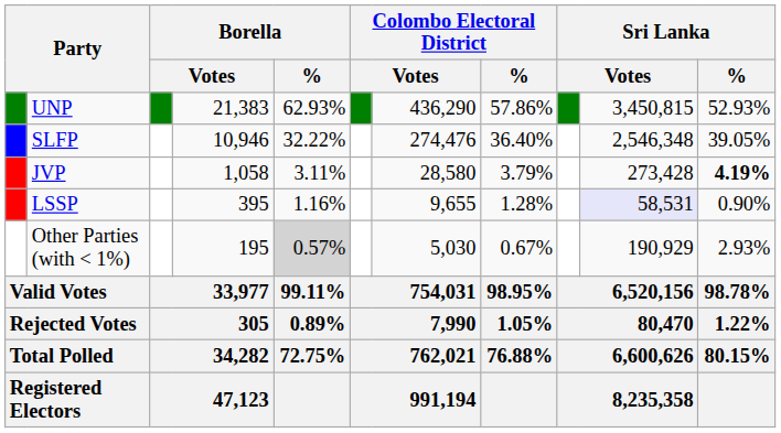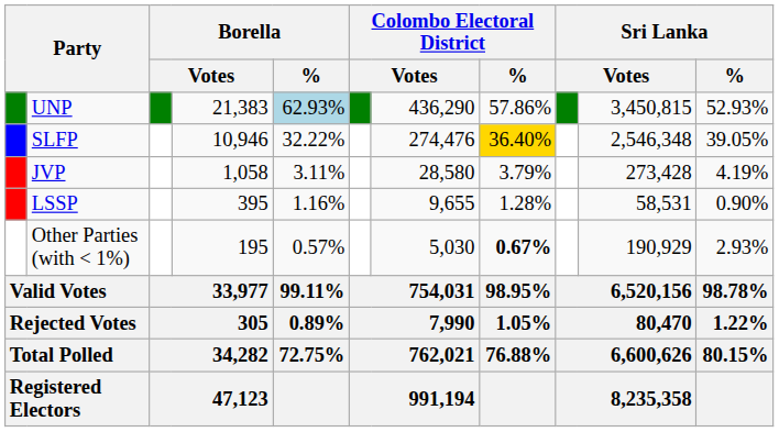 <table class="wikitable">
 <tr>
 <th colspan="2" width="144px"rowspan="2">Party</th>
 <th colspan="3" width="216px">Borella</th>
 <th colspan="3" width="216px"><a href='#'>Colombo Electoral District</a></th>
 <th colspan="3" width="216px">Sri Lanka</th>
 </tr>
 <tr>
 <th colspan="2" width="144px">Votes</th>
 <th>%</th>
 <th colspan="2" width="144px">Votes</th>
 <th>%</th>
 <th colspan="2" width="144px">Votes</th>
 <th>%</th>
 </tr>
 <tr>
 <td style="background-color:green;" width="10px"></td>
 <td style="text-align:left;"><a href='#'>UNP</a></td>
 <td style="background-color:green;" width="10px"></td>
 <td style="text-align:right;">21,383</td>
-<td style="text-align:right;">62.93%</td>
+<td style="background: lightblue; text-align:right;">62.93%</td>
 <td style="background-color:green;" width="10px"></td>
 <td style="text-align:right;">436,290</td>
 <td style="text-align:right;">57.86%</td>
 <td style="background-color:green;" width="10px"></td>
 <td style="text-align:right;">3,450,815</td>
 <td style="text-align:right;">52.93%</td>
 </tr>
 <tr>
 <td style="background-color:blue;" width="10px"></td>
 <td style="text-align:left;"><a href='#'>SLFP</a></td>
 <td style="background-color:white;" width="10px"></td>
 <td style="text-align:right;">10,946</td>
 <td style="text-align:right;">32.22%</td>
 <td style="background-color:white;" width="10px"></td>
 <td style="text-align:right;">274,476</td>
-<td style="text-align:right;">36.40%</td>
+<td style="background: gold; text-align:right;">36.40%</td>
 <td style="background-color:white;" width="10px"></td>
 <td style="text-align:right;">2,546,348</td>
 <td style="text-align:right;">39.05%</td>
 </tr>
 <tr>
 <td style="background-color:red;" width="10px"></td>
 <td style="text-align:left;"><a href='#'>JVP</a></td>
 <td style="background-color:white;" width="10px"></td>
 <td style="text-align:right;">1,058</td>
 <td style="text-align:right;">3.11%</td>
 <td style="background-color:white;" width="10px"></td>
 <td style="text-align:right;">28,580</td>
 <td style="text-align:right;">3.79%</td>
 <td style="background-color:white;" width="10px"></td>
 <td style="text-align:right;">273,428</td>
-<td style="text-align:right;"><strong>4.19%</strong></td>
+<td style="text-align:right;">4.19%</td>
 </tr>
 <tr>
 <td style="background-color:red;" width="10px"></td>
 <td style="text-align:left;"><a href='#'>LSSP</a></td>
 <td style="background-color:white;" width="10px"></td>
 <td style="text-align:right;">395</td>
 <td style="text-align:right;">1.16%</td>
 <td style="background-color:white;" width="10px"></td>
 <td style="text-align:right;">9,655</td>
 <td style="text-align:right;">1.28%</td>
 <td style="background-color:white;" width="10px"></td>
-<td style="background: lavender; text-align:right;">58,531</td>
+<td style="text-align:right;">58,531</td>
 <td style="text-align:right;">0.90%</td>
 </tr>
 <tr>
 <td style="background-color:white;" width="10px"></td>
 <td style="text-align:left;">Other Parties (with < 1%)</td>
 <td style="background-color:white;" width="10px"></td>
 <td style="text-align:right;">195</td>
-<td style="background: lightgrey; text-align:right;">0.57%</td>
+<td style="text-align:right;">0.57%</td>
 <td style="background-color:white;" width="10px"></td>
 <td style="text-align:right;">5,030</td>
-<td style="text-align:right;">0.67%</td>
+<td style="text-align:right;"><strong>0.67%</strong></td>
 <td style="background-color:white;" width="10px"></td>
 <td style="text-align:right;">190,929</td>
 <td style="text-align:right;">2.93%</td>
 </tr>
 <tr>
 <th colspan="2" width="144px"style="text-align:left;">Valid Votes</th>
 <th style="text-align:right;"colspan="2" width="144px">33,977</th>
 <th style="text-align:right;">99.11%</th>
 <th style="text-align:right;"colspan="2" width="144px">754,031</th>
 <th style="text-align:right;">98.95%</th>
 <th style="text-align:right;"colspan="2" width="144px">6,520,156</th>
 <th style="text-align:right;">98.78%</th>
 </tr>
 <tr>
 <th colspan="2" width="144px"style="text-align:left;">Rejected Votes</th>
 <th style="text-align:right;"colspan="2" width="144px">305</th>
 <th style="text-align:right;">0.89%</th>
 <th style="text-align:right;"colspan="2" width="144px">7,990</th>
 <th style="text-align:right;">1.05%</th>
 <th style="text-align:right;"colspan="2" width="144px">80,470</th>
 <th style="text-align:right;">1.22%</th>
 </tr>
 <tr>
 <th colspan="2" width="144px"style="text-align:left;">Total Polled</th>
 <th style="text-align:right;"colspan="2" width="144px">34,282</th>
 <th style="text-align:right;">72.75%</th>
 <th style="text-align:right;"colspan="2" width="144px">762,021</th>
 <th style="text-align:right;">76.88%</th>
 <th style="text-align:right;"colspan="2" width="144px">6,600,626</th>
 <th style="text-align:right;">80.15%</th>
 </tr>
 <tr>
 <th colspan="2" width="144px"style="text-align:left;">Registered Electors</th>
 <th style="text-align:right;"colspan="2" width="144px">47,123</th>
 <th></th>
 <th style="text-align:right;"colspan="2" width="144px">991,194</th>
 <th></th>
 <th style="text-align:right;"colspan="2" width="144px">8,235,358</th>
 <th></th>
 </tr>
 </table>
